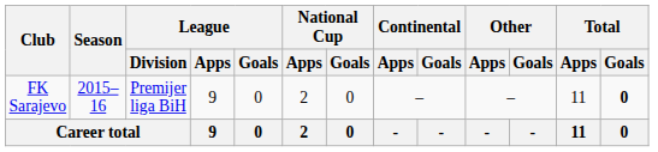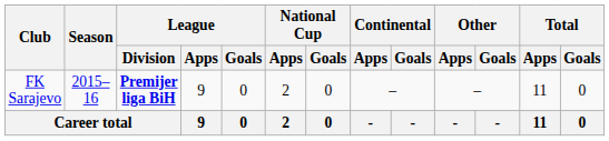 <table class="wikitable" style="text-align: center;">
 <tr>
 <th rowspan="2">Club</th>
 <th rowspan="2">Season</th>
 <th colspan="3">League</th>
 <th colspan="2">National Cup</th>
 <th colspan="2">Continental</th>
 <th colspan="2">Other</th>
 <th colspan="2">Total</th>
 </tr>
 <tr>
 <th>Division</th>
 <th>Apps</th>
 <th>Goals</th>
 <th>Apps</th>
 <th>Goals</th>
 <th>Apps</th>
 <th>Goals</th>
 <th>Apps</th>
 <th>Goals</th>
 <th>Apps</th>
 <th>Goals</th>
 </tr>
 <tr>
 <td valign="center"><a href='#'>FK Sarajevo</a></td>
 <td><a href='#'>2015–16</a></td>
-<td><a href='#'>Premijer liga BiH</a></td>
+<td><strong><a href='#'>Premijer liga BiH</a></strong></td>
 <td>9</td>
 <td>0</td>
 <td>2</td>
 <td>0</td>
 <td colspan="2">–</td>
 <td colspan="2">–</td>
 <td>11</td>
-<td><strong>0</strong></td>
+<td>0</td>
 </tr>
 <tr>
 <th colspan="3">Career total</th>
 <th>9</th>
 <th>0</th>
 <th>2</th>
 <th>0</th>
 <th>-</th>
 <th>-</th>
 <th>-</th>
 <th>-</th>
 <th>11</th>
 <th>0</th>
 </tr>
 </table>
